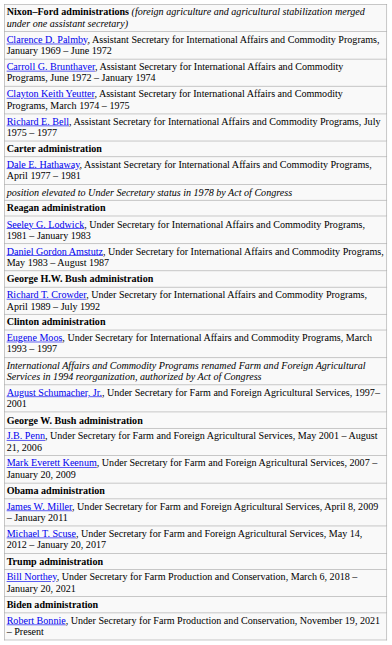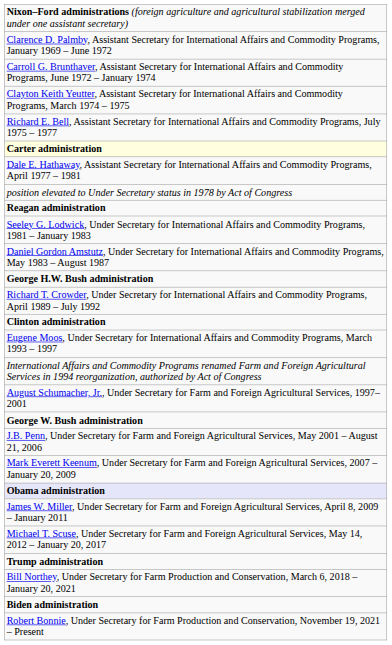 <table class="wikitable">
 <tr>
 <td width="807pt"><strong>Nixon–Ford administrations</strong> <em>(foreign agriculture and agricultural stabilization merged under one assistant secretary)</em></td>
 </tr>
 <tr>
 <td><a href='#'>Clarence D. Palmby</a>, Assistant Secretary for International Affairs and Commodity Programs, January 1969 – June 1972</td>
 </tr>
 <tr>
 <td><a href='#'>Carroll G. Brunthaver</a>, Assistant Secretary for International Affairs and Commodity Programs, June 1972 – January 1974</td>
 </tr>
 <tr>
 <td><a href='#'>Clayton Keith Yeutter</a>, Assistant Secretary for International Affairs and Commodity Programs, March 1974 – 1975</td>
 </tr>
 <tr>
 <td><a href='#'>Richard E. Bell</a>, Assistant Secretary for International Affairs and Commodity Programs, July 1975 – 1977</td>
 </tr>
 <tr>
-<td><strong>Carter administration</strong></td>
+<td style="background: lightyellow;"><strong>Carter administration</strong></td>
 </tr>
 <tr>
 <td><a href='#'>Dale E. Hathaway</a>, Assistant Secretary for International Affairs and Commodity Programs, April 1977 – 1981</td>
 </tr>
 <tr>
 <td><em>position elevated to Under Secretary status in 1978 by Act of Congress</em></td>
 </tr>
 <tr>
 <td><strong>Reagan administration</strong></td>
 </tr>
 <tr>
 <td><a href='#'>Seeley G. Lodwick</a>, Under Secretary for International Affairs and Commodity Programs, 1981 – January 1983</td>
 </tr>
 <tr>
 <td><a href='#'>Daniel Gordon Amstutz</a>, Under Secretary for International Affairs and Commodity Programs, May 1983 – August 1987</td>
 </tr>
 <tr>
 <td><strong>George H.W. Bush administration</strong></td>
 </tr>
 <tr>
 <td><a href='#'>Richard T. Crowder</a>, Under Secretary for International Affairs and Commodity Programs, April 1989 – July 1992</td>
 </tr>
 <tr>
 <td><strong>Clinton administration</strong></td>
 </tr>
 <tr>
 <td><a href='#'>Eugene Moos</a>, Under Secretary for International Affairs and Commodity Programs, March 1993 – 1997</td>
 </tr>
 <tr>
 <td><em>International Affairs and Commodity Programs renamed Farm and Foreign Agricultural Services in 1994 reorganization, authorized by Act of Congress </em></td>
 </tr>
 <tr>
 <td><a href='#'>August Schumacher, Jr.</a>, Under Secretary for Farm and Foreign Agricultural Services, 1997–2001</td>
 </tr>
 <tr>
 <td><strong>George W. Bush administration</strong></td>
 </tr>
 <tr>
 <td><a href='#'>J.B. Penn</a>, Under Secretary for Farm and Foreign Agricultural Services, May 2001 – August 21, 2006</td>
 </tr>
 <tr>
 <td><a href='#'>Mark Everett Keenum</a>, Under Secretary for Farm and Foreign Agricultural Services, 2007 – January 20, 2009</td>
 </tr>
 <tr>
-<td><strong>Obama administration</strong></td>
+<td style="background: lavender;"><strong>Obama administration</strong></td>
 </tr>
 <tr>
 <td><a href='#'>James W. Miller</a>, Under Secretary for Farm and Foreign Agricultural Services, April 8, 2009 – January 2011</td>
 </tr>
 <tr>
 <td><a href='#'>Michael T. Scuse</a>, Under Secretary for Farm and Foreign Agricultural Services, May 14, 2012 – January 20, 2017</td>
 </tr>
 <tr>
 <td><strong>Trump administration</strong></td>
 </tr>
 <tr>
 <td><a href='#'>Bill Northey</a>, Under Secretary for Farm Production and Conservation, March 6, 2018 – January 20, 2021</td>
 </tr>
 <tr>
 <td><strong>Biden administration</strong></td>
 </tr>
 <tr>
 <td><a href='#'>Robert Bonnie</a>, Under Secretary for Farm Production and Conservation, November 19, 2021 – Present</td>
 </tr>
 </table>
